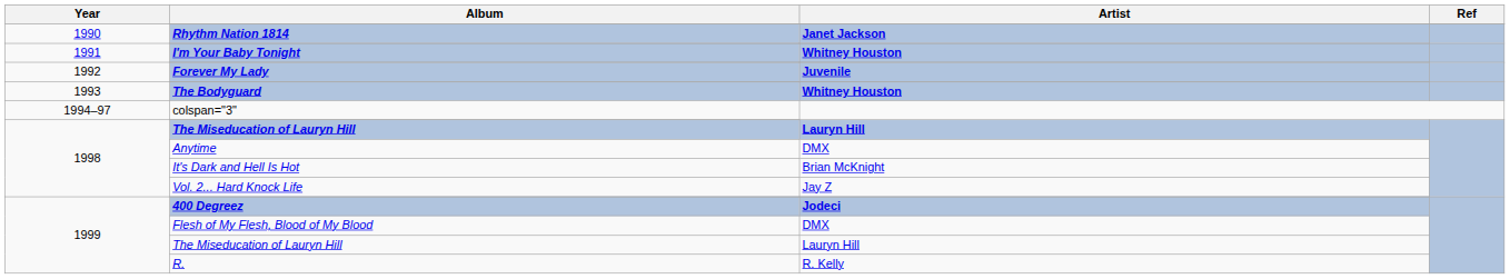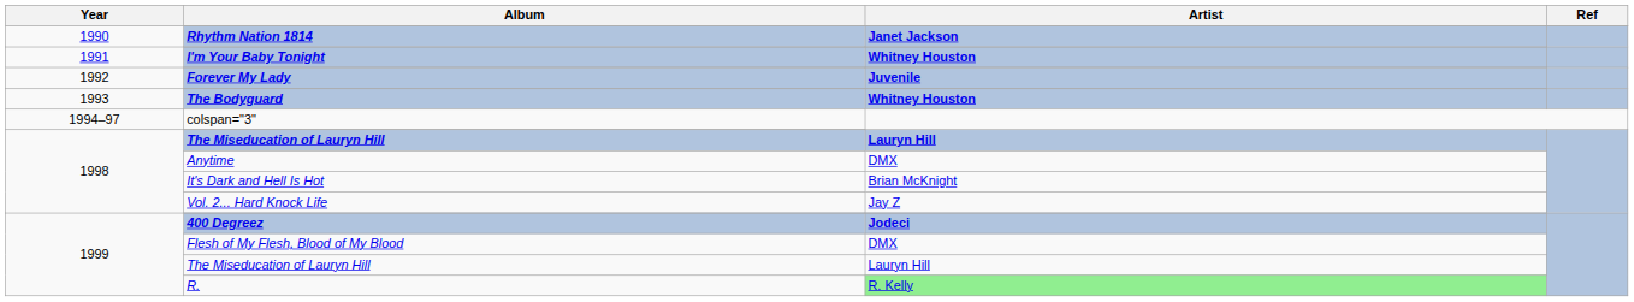 <table class="wikitable" style="width:100%;">
 <tr style="background:#bebebe;">
 <th style="width:11%;">Year</th>
 <th style="width:42%;">Album</th>
 <th style="width:42%;">Artist</th>
 <th style="width:5%;">Ref</th>
 </tr>
 <tr>
 <td rowspan="2" align="center"><a href='#'>1990</a></td>
 </tr>
 <tr style="background:#B0C4DE">
 <td><strong><em><a href='#'>Rhythm Nation 1814</a></em></strong></td>
 <td><strong><a href='#'>Janet Jackson</a></strong></td>
 <td rowspan="2" align="center"></td>
 </tr>
 <tr>
 <td rowspan="2" align="center"><a href='#'>1991</a></td>
 </tr>
 <tr style="background:#B0C4DE">
 <td><strong><em><a href='#'>I'm Your Baby Tonight</a></em></strong></td>
 <td><strong><a href='#'>Whitney Houston</a></strong></td>
 <td rowspan="2" align="center"></td>
 </tr>
 <tr>
 <td rowspan="2" align="center">1992</td>
 </tr>
 <tr style="background:#B0C4DE">
 <td><strong><em><a href='#'>Forever My Lady</a></em></strong></td>
 <td><strong><a href='#'>Juvenile</a></strong></td>
 <td rowspan="2" align="center"></td>
 </tr>
 <tr>
 <td rowspan="2" align="center">1993</td>
 </tr>
 <tr style="background:#B0C4DE">
 <td><strong><em><a href='#'>The Bodyguard</a></em></strong></td>
 <td><strong><a href='#'>Whitney Houston</a></strong></td>
 <td align="center"></td>
 </tr>
 <tr>
 <td align="center">1994–97</td>
 <td>colspan="3" </td>
 </tr>
 <tr>
 <td rowspan="5" align="center">1998</td>
 </tr>
 <tr style="background:#B0C4DE">
 <td><strong><em><a href='#'>The Miseducation of Lauryn Hill</a></em></strong></td>
 <td><strong><a href='#'>Lauryn Hill</a></strong></td>
 <td rowspan="5" align="center"></td>
 </tr>
 <tr>
 <td><em><a href='#'>Anytime</a></em></td>
 <td><a href='#'>DMX</a></td>
 </tr>
 <tr>
 <td><em><a href='#'>It's Dark and Hell Is Hot</a></em></td>
 <td><a href='#'>Brian McKnight</a></td>
 </tr>
 <tr>
 <td><em><a href='#'>Vol. 2... Hard Knock Life</a></em></td>
 <td><a href='#'>Jay Z</a></td>
 </tr>
 <tr>
 <td rowspan="5" align="center">1999</td>
 </tr>
 <tr style="background:#B0C4DE">
 <td><strong><em><a href='#'>400 Degreez</a></em></strong></td>
 <td><strong><a href='#'>Jodeci</a></strong></td>
 <td rowspan="5" align="center"></td>
 </tr>
 <tr>
 <td><em><a href='#'>Flesh of My Flesh, Blood of My Blood</a></em></td>
 <td><a href='#'>DMX</a></td>
 </tr>
 <tr>
 <td><em><a href='#'>The Miseducation of Lauryn Hill</a></em></td>
 <td><a href='#'>Lauryn Hill</a></td>
 </tr>
 <tr>
 <td><em><a href='#'>R.</a></em></td>
-<td><a href='#'>R. Kelly</a></td>
+<td style="background: lightgreen;"><a href='#'>R. Kelly</a></td>
 </tr>
 </table>
